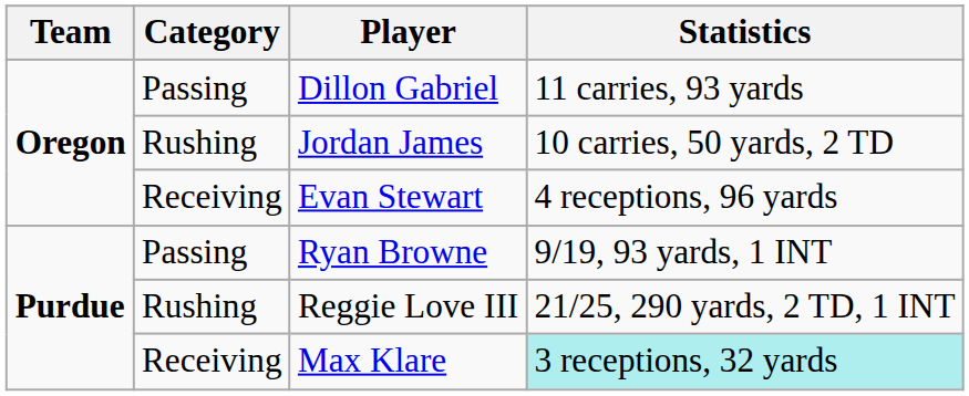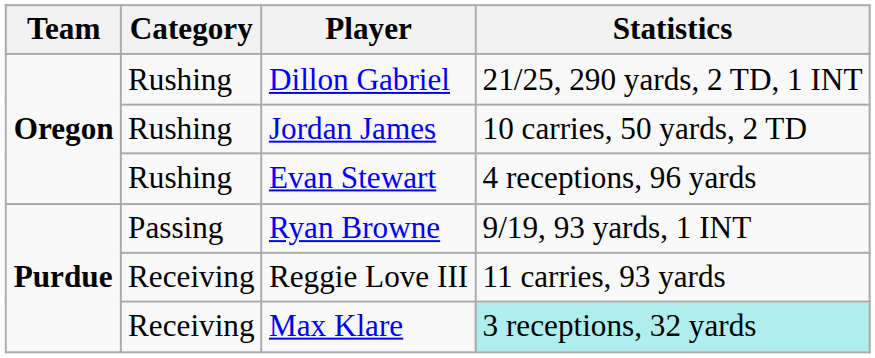 <table class="wikitable" style="float: right;">
 <tr>
 <th>Team</th>
 <th>Category</th>
 <th>Player</th>
 <th>Statistics</th>
 </tr>
 <tr>
 <td rowspan=3><strong>Oregon</strong></td>
-<td>Passing</td>
+<td>Rushing</td>
 <td><a href='#'>Dillon Gabriel</a></td>
-<td>11 carries, 93 yards</td>
+<td>21/25, 290 yards, 2 TD, 1 INT</td>
 </tr>
 <tr>
 <td>Rushing</td>
 <td><a href='#'>Jordan James</a></td>
 <td>10 carries, 50 yards, 2 TD</td>
 </tr>
 <tr>
-<td>Receiving</td>
+<td>Rushing</td>
 <td><a href='#'>Evan Stewart</a></td>
 <td>4 receptions, 96 yards</td>
 </tr>
 <tr>
 <td rowspan=3><strong>Purdue</strong></td>
 <td>Passing</td>
 <td><a href='#'>Ryan Browne</a></td>
 <td>9/19, 93 yards, 1 INT</td>
 </tr>
 <tr>
-<td>Rushing</td>
+<td>Receiving</td>
 <td>Reggie Love III</td>
-<td>21/25, 290 yards, 2 TD, 1 INT</td>
+<td>11 carries, 93 yards</td>
 </tr>
 <tr>
 <td>Receiving</td>
 <td><a href='#'>Max Klare</a></td>
 <td style="background: paleturquoise;">3 receptions, 32 yards</td>
 </tr>
 </table>
